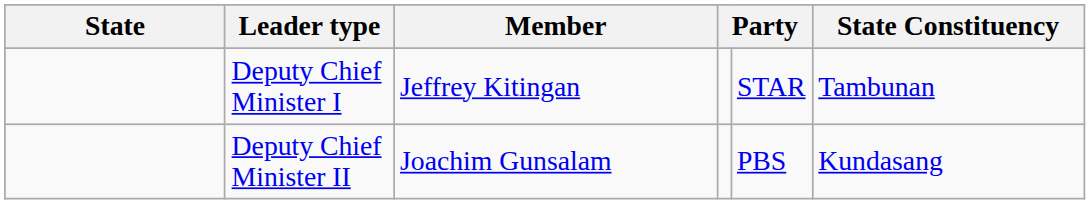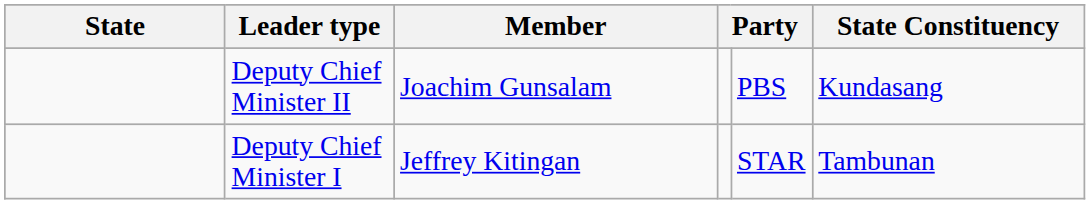 <table class ="wikitable sortable">
 <tr>
 <th style="width:120px;">State</th>
 <th style="width:90px;">Leader type</th>
 <th style="width:180px;">Member</th>
 <th style="width:40px;" colspan=2>Party</th>
 <th style="width:150px;">State Constituency</th>
 </tr>
 <tr>
 <td></td>
+<td><a href='#'>Deputy Chief Minister II</a></td>
+<td><a href='#'>Joachim Gunsalam</a></td>
+<td style="background:"></td>
+<td><a href='#'>PBS</a></td>
+<td><a href='#'>Kundasang</a></td>
+</tr>
+<tr>
+<td></td>
 <td><a href='#'>Deputy Chief Minister I</a></td>
 <td><a href='#'>Jeffrey Kitingan</a></td>
 <td style="background:"></td>
 <td><a href='#'>STAR</a></td>
 <td><a href='#'>Tambunan</a></td>
 </tr>
-<tr>
-<td></td>
-<td><a href='#'>Deputy Chief Minister II</a></td>
-<td><a href='#'>Joachim Gunsalam</a></td>
-<td style="background:"></td>
-<td><a href='#'>PBS</a></td>
-<td><a href='#'>Kundasang</a></td>
-</tr>
 </table>
